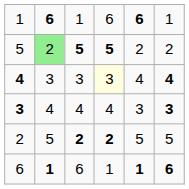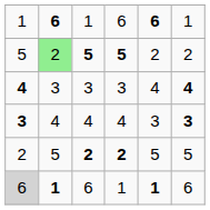 <table class="wikitable" style="margin-left:auto;margin-right:auto;text-align:center;width:12em;height:12em;table-layout:fixed;">
 <tr>
 <td>1</td>
 <td><strong>6</strong></td>
 <td>1</td>
 <td>6</td>
 <td><strong>6</strong></td>
 <td>1</td>
 </tr>
 <tr>
 <td>5</td>
 <td style="background: lightgreen;">2</td>
 <td><strong>5</strong></td>
 <td><strong>5</strong></td>
 <td>2</td>
 <td>2</td>
 </tr>
 <tr>
 <td><strong>4</strong></td>
 <td>3</td>
 <td>3</td>
-<td style="background: lightyellow;">3</td>
+<td>3</td>
 <td>4</td>
 <td><strong>4</strong></td>
 </tr>
 <tr>
 <td><strong>3</strong></td>
 <td>4</td>
 <td>4</td>
 <td>4</td>
 <td>3</td>
 <td><strong>3</strong></td>
 </tr>
 <tr>
 <td>2</td>
 <td>5</td>
 <td><strong>2</strong></td>
 <td><strong>2</strong></td>
 <td>5</td>
 <td>5</td>
 </tr>
 <tr>
-<td>6</td>
+<td style="background: lightgrey;">6</td>
 <td><strong>1</strong></td>
 <td>6</td>
 <td>1</td>
 <td><strong>1</strong></td>
-<td><strong>6</strong></td>
+<td>6</td>
 </tr>
 </table>
